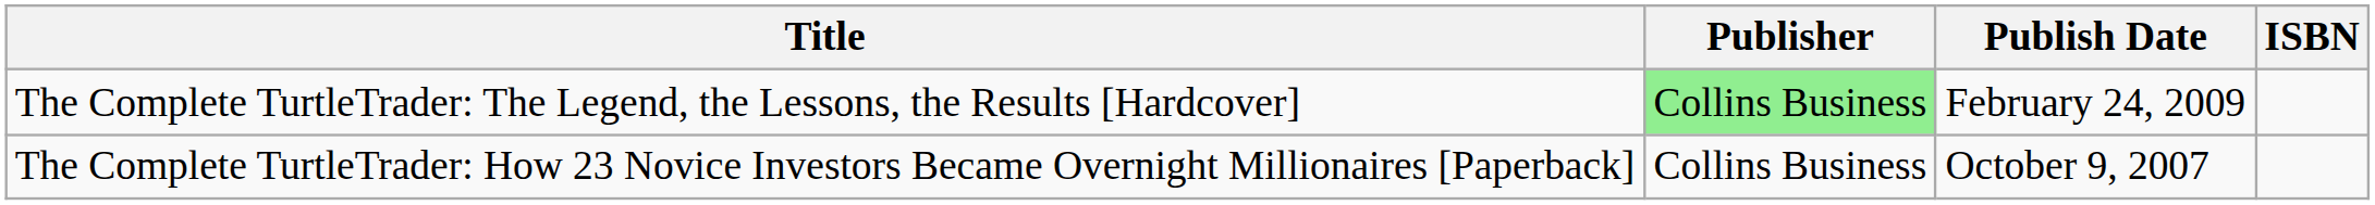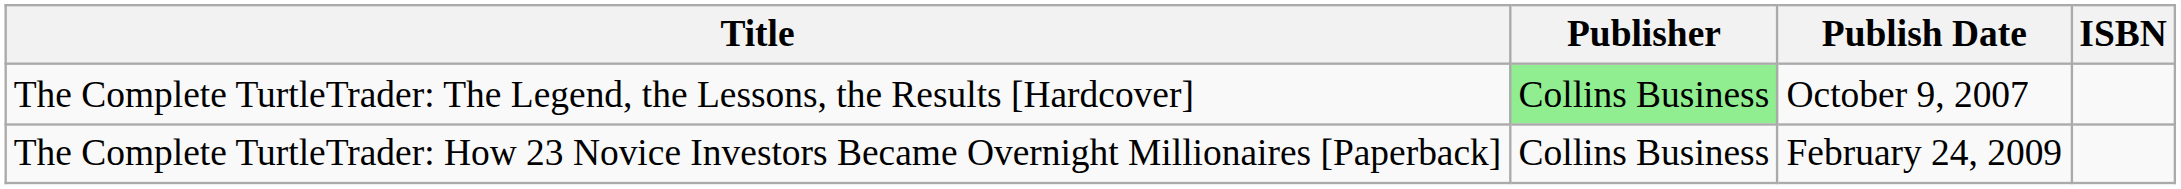 <table class="wikitable" style="margin: 1em auto 1em auto;">
 <tr>
 <th>Title</th>
 <th>Publisher</th>
 <th>Publish Date</th>
 <th>ISBN</th>
 </tr>
 <tr>
 <td>The Complete TurtleTrader: The Legend, the Lessons, the Results [Hardcover]</td>
 <td style="background: lightgreen;">Collins Business</td>
-<td>February 24, 2009</td>
+<td>October 9, 2007</td>
 <td></td>
 </tr>
 <tr>
 <td>The Complete TurtleTrader: How 23 Novice Investors Became Overnight Millionaires [Paperback]</td>
 <td>Collins Business</td>
-<td>October 9, 2007</td>
+<td>February 24, 2009</td>
 <td></td>
 </tr>
 </table>
